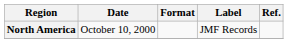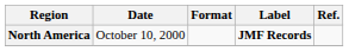 <table class="wikitable plainrowheaders">
 <tr>
 <th scope="col">Region</th>
 <th scope="col">Date</th>
 <th scope="col">Format</th>
 <th scope="col">Label</th>
 <th scope="col">Ref.</th>
 </tr>
 <tr>
 <th scope="row">North America</th>
 <td>October 10, 2000</td>
 <td></td>
-<td>JMF Records</td>
+<td><strong>JMF Records</strong></td>
 <td></td>
 </tr>
 <tr>
 </tr>
 </table>
